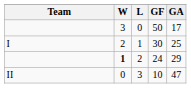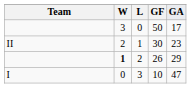 <table class=wikitable style=text-align:center>
 <tr>
 </tr>
 <tr bgcolor=eaecf0>
 <th width=170>Team</th>
 <th width=20>W</th>
 <th width=20>L</th>
 <th width=20>GF</th>
 <td width=20><strong>GA</strong></td>
 </tr>
 <tr bgcolor=>
 <td align=left></td>
 <td>3</td>
 <td>0</td>
 <td>50</td>
 <td>17</td>
 </tr>
 <tr bgcolor=>
-<td align=left> I</td>
+<td align=left> II</td>
 <td>2</td>
 <td>1</td>
 <td>30</td>
-<td>25</td>
+<td>23</td>
 </tr>
 <tr bgcolor=>
 <td align=left></td>
 <td><strong>1</strong></td>
 <td>2</td>
-<td>24</td>
+<td>26</td>
 <td>29</td>
 </tr>
 <tr bgcolor=>
-<td align=left> II</td>
+<td align=left> I</td>
 <td>0</td>
 <td>3</td>
 <td>10</td>
 <td>47</td>
 </tr>
 </table>
